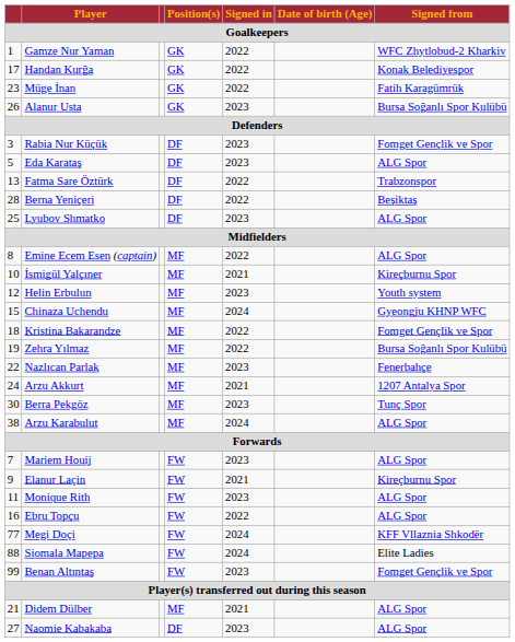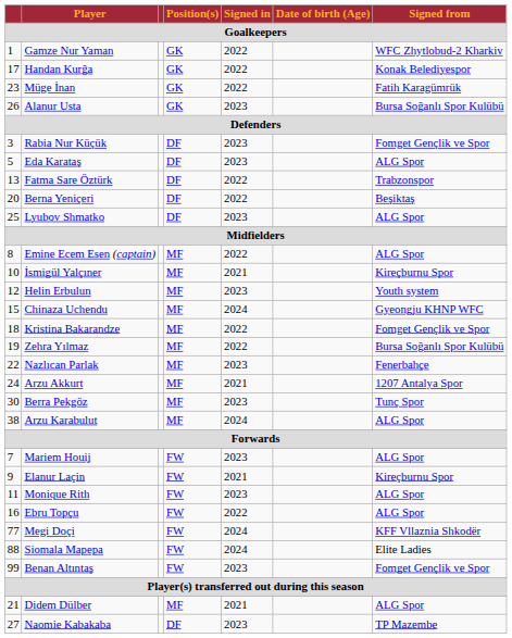 <table class="wikitable plainrowheaders sortable">
 <tr>
 <th style="background:#A32638; color:#FFB300; "></th>
 <th style="background:#A32638; color:#FFB300; ">Player</th>
 <th style="background:#A32638; color:#FFB300; "></th>
 <th style="background:#A32638; color:#FFB300; ">Position(s)</th>
 <th style="background:#A32638; color:#FFB300; ">Signed in</th>
 <th style="background:#A32638; color:#FFB300; ">Date of birth (Age)</th>
 <th style="background:#A32638; color:#FFB300; ">Signed from</th>
 </tr>
 <tr>
 <th colspan="7" style="background:#dcdcdc; text-align:center;">Goalkeepers</th>
 </tr>
 <tr>
 <td>1</td>
 <td><a href='#'>Gamze Nur Yaman</a></td>
 <td></td>
 <td><a href='#'>GK</a></td>
 <td>2022</td>
 <td></td>
 <td> <a href='#'>WFC Zhytlobud-2 Kharkiv</a></td>
 </tr>
 <tr>
 <td>17</td>
 <td><a href='#'>Handan Kurğa</a></td>
 <td></td>
 <td><a href='#'>GK</a></td>
 <td>2022</td>
 <td></td>
 <td> <a href='#'>Konak Belediyespor</a></td>
 </tr>
 <tr>
 <td>23</td>
 <td><a href='#'>Müge İnan</a></td>
 <td></td>
 <td><a href='#'>GK</a></td>
 <td>2022</td>
 <td></td>
 <td> <a href='#'>Fatih Karagümrük</a></td>
 </tr>
 <tr>
 <td>26</td>
 <td><a href='#'>Alanur Usta</a></td>
 <td></td>
 <td><a href='#'>GK</a></td>
 <td>2023</td>
 <td></td>
 <td> <a href='#'>Bursa Soğanlı Spor Kulübü</a></td>
 </tr>
 <tr>
 <th colspan="7" style="background:#dcdcdc; text-align:center;">Defenders</th>
 </tr>
 <tr>
 <td>3</td>
 <td><a href='#'>Rabia Nur Küçük</a></td>
 <td></td>
 <td><a href='#'>DF</a></td>
 <td>2023</td>
 <td></td>
 <td> <a href='#'>Fomget Gençlik ve Spor</a></td>
 </tr>
 <tr>
 <td>5</td>
 <td><a href='#'>Eda Karataş</a></td>
 <td></td>
 <td><a href='#'>DF</a></td>
 <td>2023</td>
 <td></td>
 <td> <a href='#'>ALG Spor</a></td>
 </tr>
 <tr>
 <td>13</td>
 <td><a href='#'>Fatma Sare Öztürk</a></td>
 <td></td>
 <td><a href='#'>DF</a></td>
 <td>2022</td>
 <td></td>
 <td> <a href='#'>Trabzonspor</a></td>
 </tr>
 <tr>
-<td>28</td>
+<td>20</td>
 <td><a href='#'>Berna Yeniçeri</a></td>
 <td></td>
 <td><a href='#'>DF</a></td>
 <td>2022</td>
 <td></td>
 <td> <a href='#'>Beşiktaş</a></td>
 </tr>
 <tr>
 <td>25</td>
 <td><a href='#'>Lyubov Shmatko</a></td>
 <td></td>
 <td><a href='#'>DF</a></td>
 <td>2023</td>
 <td></td>
 <td> <a href='#'>ALG Spor</a></td>
 </tr>
 <tr>
 <th colspan="7" style="background:#dcdcdc; text-align:center;">Midfielders</th>
 </tr>
 <tr>
 <td>8</td>
 <td><a href='#'>Emine Ecem Esen</a> <em>(<a href='#'>captain</a>)</em></td>
 <td></td>
 <td><a href='#'>MF</a></td>
 <td>2022</td>
 <td></td>
 <td> <a href='#'>ALG Spor</a></td>
 </tr>
 <tr>
 <td>10</td>
 <td><a href='#'>İsmigül Yalçıner</a></td>
 <td></td>
 <td><a href='#'>MF</a></td>
 <td>2021</td>
 <td></td>
 <td> <a href='#'>Kireçburnu Spor</a></td>
 </tr>
 <tr>
 <td>12</td>
 <td><a href='#'>Helin Erbulun</a></td>
 <td></td>
 <td><a href='#'>MF</a></td>
 <td>2023</td>
 <td></td>
 <td> <a href='#'>Youth system</a></td>
 </tr>
 <tr>
 <td>15</td>
 <td><a href='#'>Chinaza Uchendu</a></td>
 <td></td>
 <td><a href='#'>MF</a></td>
 <td>2024</td>
 <td></td>
 <td> <a href='#'>Gyeongju KHNP WFC</a></td>
 </tr>
 <tr>
 <td>18</td>
 <td><a href='#'>Kristina Bakarandze</a></td>
 <td></td>
 <td><a href='#'>MF</a></td>
 <td>2022</td>
 <td></td>
 <td> <a href='#'>Fomget Gençlik ve Spor</a></td>
 </tr>
 <tr>
 <td>19</td>
 <td><a href='#'>Zehra Yılmaz</a></td>
 <td></td>
 <td><a href='#'>MF</a></td>
 <td>2022</td>
 <td></td>
 <td> <a href='#'>Bursa Soğanlı Spor Kulübü</a></td>
 </tr>
 <tr>
 <td>22</td>
 <td><a href='#'>Nazlıcan Parlak</a></td>
 <td></td>
 <td><a href='#'>MF</a></td>
 <td>2023</td>
 <td></td>
 <td> <a href='#'>Fenerbahçe</a></td>
 </tr>
 <tr>
 <td>24</td>
 <td><a href='#'>Arzu Akkurt</a></td>
 <td></td>
 <td><a href='#'>MF</a></td>
 <td>2021</td>
 <td></td>
 <td> <a href='#'>1207 Antalya Spor</a></td>
 </tr>
 <tr>
 <td>30</td>
 <td><a href='#'>Berra Pekgöz</a></td>
 <td></td>
 <td><a href='#'>MF</a></td>
 <td>2023</td>
 <td></td>
 <td> <a href='#'>Tunç Spor</a></td>
 </tr>
 <tr>
 <td>38</td>
 <td><a href='#'>Arzu Karabulut</a></td>
 <td></td>
 <td><a href='#'>MF</a></td>
 <td>2024</td>
 <td></td>
 <td> <a href='#'>ALG Spor</a></td>
 </tr>
 <tr>
 <th colspan="7" style="background:#dcdcdc; text-align:center;">Forwards</th>
 </tr>
 <tr>
 <td>7</td>
 <td><a href='#'>Mariem Houij</a></td>
 <td></td>
 <td><a href='#'>FW</a></td>
 <td>2023</td>
 <td></td>
 <td> <a href='#'>ALG Spor</a></td>
 </tr>
 <tr>
 <td>9</td>
 <td><a href='#'>Elanur Laçin</a></td>
 <td></td>
 <td><a href='#'>FW</a></td>
 <td>2021</td>
 <td></td>
 <td> <a href='#'>Kireçburnu Spor</a></td>
 </tr>
 <tr>
 <td>11</td>
 <td><a href='#'>Monique Rith</a></td>
 <td></td>
 <td><a href='#'>FW</a></td>
 <td>2023</td>
 <td></td>
 <td> <a href='#'>ALG Spor</a></td>
 </tr>
 <tr>
 <td>16</td>
 <td><a href='#'>Ebru Topçu</a></td>
 <td></td>
 <td><a href='#'>FW</a></td>
 <td>2022</td>
 <td></td>
 <td> <a href='#'>ALG Spor</a></td>
 </tr>
 <tr>
 <td>77</td>
 <td><a href='#'>Megi Doçi</a></td>
 <td></td>
 <td><a href='#'>FW</a></td>
 <td>2024</td>
 <td></td>
 <td> <a href='#'>KFF Vllaznia Shkodër</a></td>
 </tr>
 <tr>
 <td>88</td>
 <td><a href='#'>Siomala Mapepa</a></td>
 <td></td>
 <td><a href='#'>FW</a></td>
 <td>2024</td>
 <td></td>
 <td>Elite Ladies</td>
 </tr>
 <tr>
 <td>99</td>
 <td><a href='#'>Benan Altıntaş</a></td>
 <td></td>
 <td><a href='#'>FW</a></td>
 <td>2023</td>
 <td></td>
 <td> <a href='#'>Fomget Gençlik ve Spor</a></td>
 </tr>
 <tr>
 <th colspan="11" style="background:#dcdcdc;">Player(s) transferred out during this season</th>
 </tr>
 <tr>
 <td>21</td>
 <td><a href='#'>Didem Dülber</a></td>
 <td></td>
 <td><a href='#'>MF</a></td>
 <td>2021</td>
 <td></td>
 <td> <a href='#'>ALG Spor</a></td>
 </tr>
 <tr>
 <td>27</td>
 <td><a href='#'>Naomie Kabakaba</a></td>
 <td></td>
 <td><a href='#'>DF</a></td>
 <td>2023</td>
 <td></td>
-<td> <a href='#'>ALG Spor</a></td>
+<td> <a href='#'>TP Mazembe</a></td>
 </tr>
 </table>
